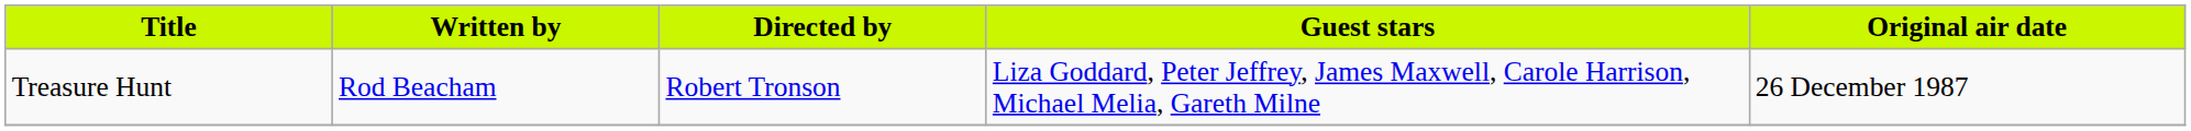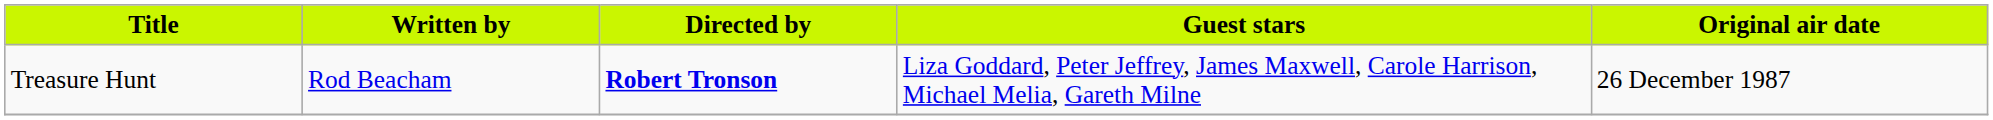 <table class="wikitable">
 <tr>
 <th style="width:15%; background:#caf600;">Title</th>
 <th style="width:15%; background:#caf600;">Written by</th>
 <th style="width:15%; background:#caf600;">Directed by</th>
 <th style="width:35%; background:#caf600;">Guest stars</th>
 <th style="width:35%; background:#caf600;">Original air date</th>
 </tr>
 <tr id="Treasure Hunt">
 <td>Treasure Hunt</td>
 <td><a href='#'>Rod Beacham</a></td>
-<td><a href='#'>Robert Tronson</a></td>
+<td><strong><a href='#'>Robert Tronson</a></strong></td>
 <td><a href='#'>Liza Goddard</a>, <a href='#'>Peter Jeffrey</a>, <a href='#'>James Maxwell</a>, <a href='#'>Carole Harrison</a>, <a href='#'>Michael Melia</a>, <a href='#'>Gareth Milne</a></td>
 <td>26 December 1987</td>
 </tr>
 <tr>
 </tr>
 </table>
